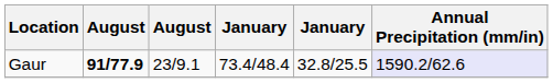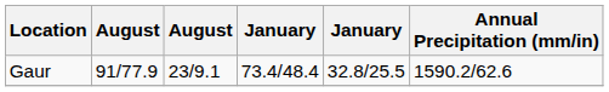 <table class="wikitable sortable" style="margin:auto; margin:auto">
 <tr>
 <th>Location</th>
 <th>August<br></th>
 <th>August<br></th>
 <th>January<br></th>
 <th>January<br></th>
 <th>Annual<br>Precipitation (mm/in)</th>
 </tr>
 <tr>
 <td>Gaur</td>
-<td><strong>91/77.9</strong></td>
+<td>91/77.9</td>
 <td>23/9.1</td>
 <td>73.4/48.4</td>
 <td>32.8/25.5</td>
-<td style="background: lavender;">1590.2/62.6</td>
+<td>1590.2/62.6</td>
 </tr>
 <tr>
 </tr>
 </table>
